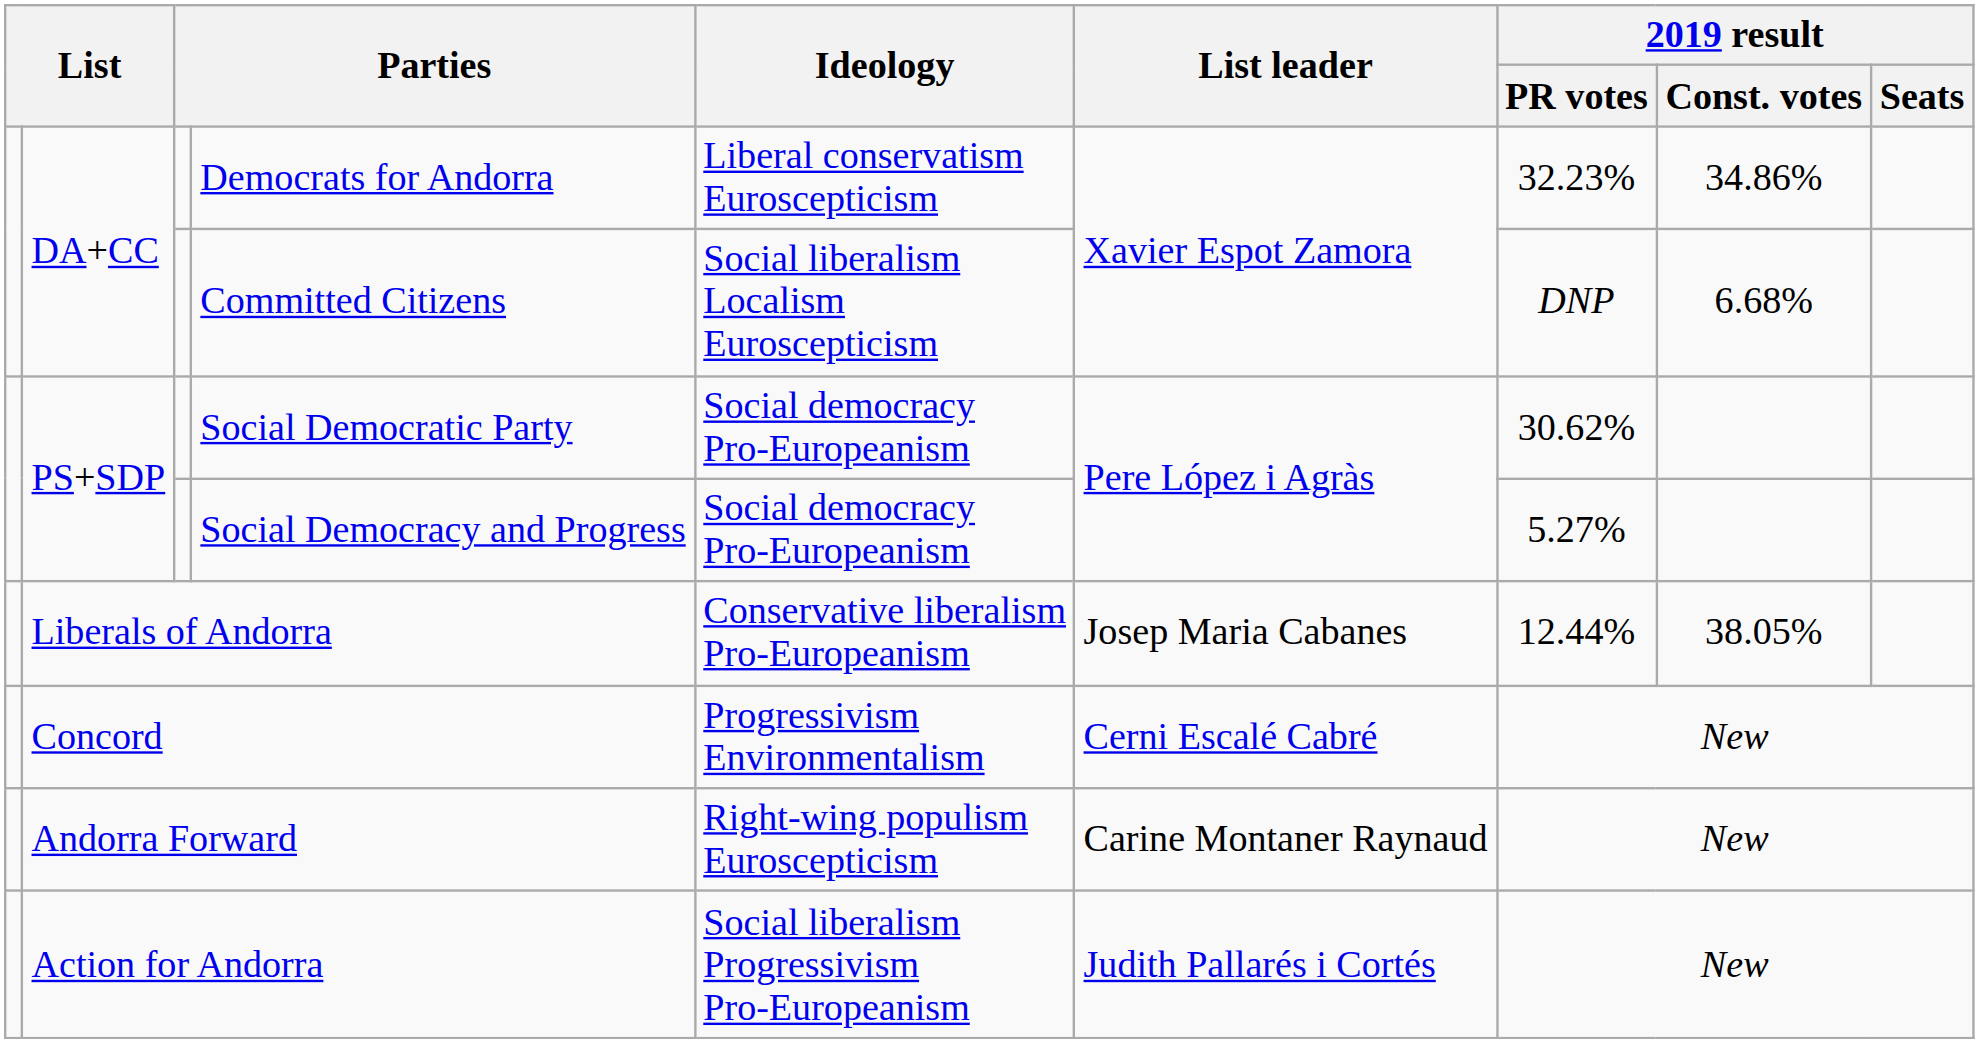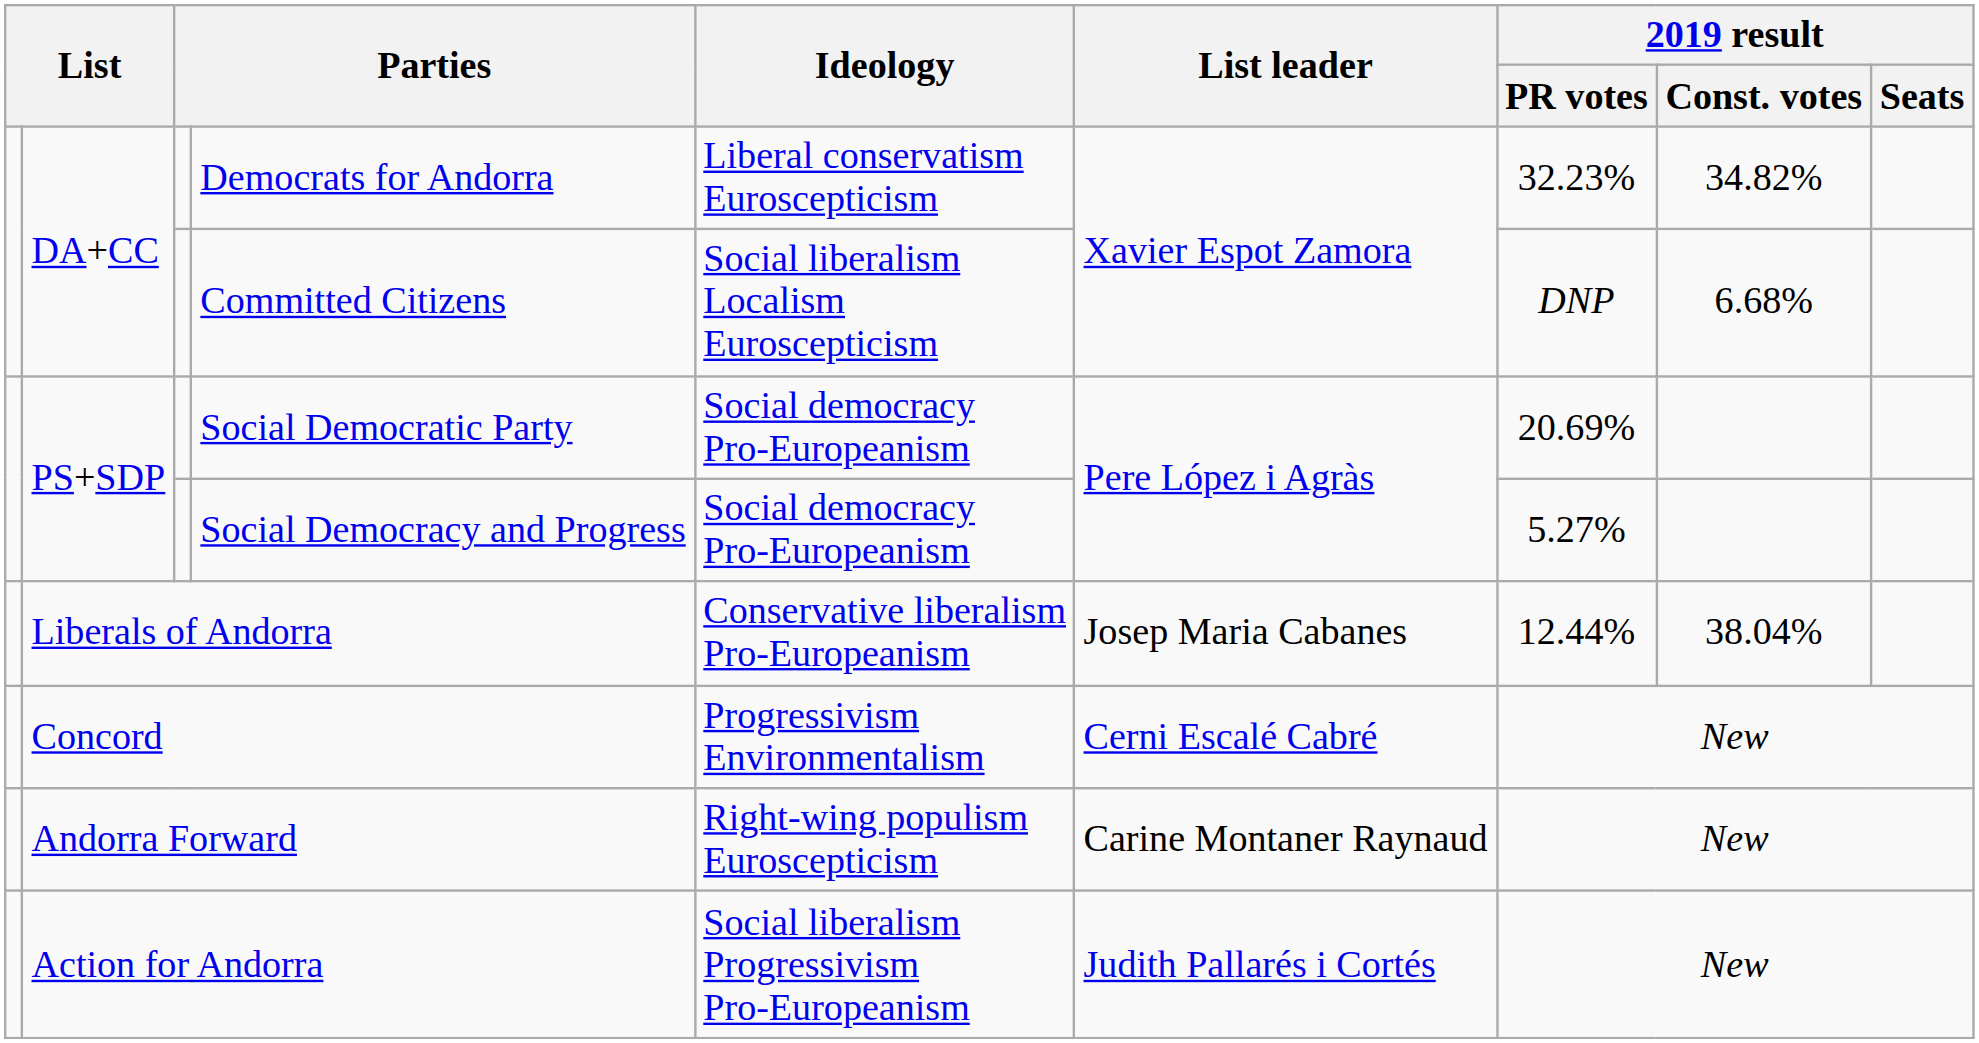 <table class="wikitable">
 <tr>
 <th colspan="2" rowspan="2">List</th>
 <th colspan="2" rowspan="2">Parties</th>
 <th rowspan="2">Ideology</th>
 <th rowspan="2">List leader</th>
 <th colspan="3"><a href='#'>2019</a> result</th>
 </tr>
 <tr>
 <th><strong>PR votes</strong></th>
 <th>Const. votes</th>
 <th>Seats</th>
 </tr>
 <tr>
 <td rowspan="2"></td>
 <td rowspan="2"><a href='#'>DA</a>+<a href='#'>CC</a></td>
 <td></td>
 <td><a href='#'>Democrats for Andorra</a></td>
 <td><a href='#'>Liberal conservatism</a><br><a href='#'>Euroscepticism</a></td>
 <td rowspan="2"><a href='#'>Xavier Espot Zamora</a></td>
 <td style="text-align:center">32.23%</td>
-<td style="text-align:center">34.86%</td>
+<td style="text-align:center">34.82%</td>
 <td></td>
 </tr>
 <tr>
 <td></td>
 <td><a href='#'>Committed Citizens</a></td>
 <td><a href='#'>Social liberalism</a><br><a href='#'>Localism</a><br><a href='#'>Euroscepticism</a></td>
 <td style="text-align:center"><em>DNP</em></td>
 <td style="text-align:center">6.68%</td>
 <td></td>
 </tr>
 <tr>
 <td rowspan="2"></td>
 <td rowspan="2"><a href='#'>PS</a>+<a href='#'>SDP</a></td>
 <td></td>
 <td><a href='#'>Social Democratic Party</a></td>
 <td><a href='#'>Social democracy</a><br><a href='#'>Pro-Europeanism</a></td>
 <td rowspan="2"><a href='#'>Pere López i Agràs</a></td>
-<td style="text-align:center">30.62%</td>
+<td style="text-align:center">20.69%</td>
 <td></td>
 <td></td>
 </tr>
 <tr>
 <td></td>
 <td><a href='#'>Social Democracy and Progress</a></td>
 <td><a href='#'>Social democracy</a><br><a href='#'>Pro-Europeanism</a></td>
 <td style="text-align:center">5.27%</td>
 <td></td>
 <td></td>
 </tr>
 <tr>
 <td></td>
 <td colspan="3"><a href='#'>Liberals of Andorra</a></td>
 <td><a href='#'>Conservative liberalism</a><br><a href='#'>Pro-Europeanism</a></td>
 <td>Josep Maria Cabanes</td>
 <td style="text-align:center">12.44%</td>
-<td style="text-align:center">38.05%</td>
+<td style="text-align:center">38.04%</td>
 <td></td>
 </tr>
 <tr>
 <td></td>
 <td colspan="3"><a href='#'>Concord</a></td>
 <td><a href='#'>Progressivism</a><br><a href='#'>Environmentalism</a></td>
 <td><a href='#'>Cerni Escalé Cabré</a></td>
 <td colspan="3" style="text-align:center"><em>New</em></td>
 </tr>
 <tr>
 <td></td>
 <td colspan="3"><a href='#'>Andorra Forward</a></td>
 <td><a href='#'>Right-wing populism</a><br><a href='#'>Euroscepticism</a></td>
 <td>Carine Montaner Raynaud</td>
 <td colspan="3" style="text-align:center"><em>New</em></td>
 </tr>
 <tr>
 <td></td>
 <td colspan="3"><a href='#'>Action for Andorra</a></td>
 <td><a href='#'>Social liberalism</a><br><a href='#'>Progressivism</a><br><a href='#'>Pro-Europeanism</a></td>
 <td><a href='#'>Judith Pallarés i Cortés</a></td>
 <td colspan="3" style="text-align:center"><em>New</em></td>
 </tr>
 </table>
